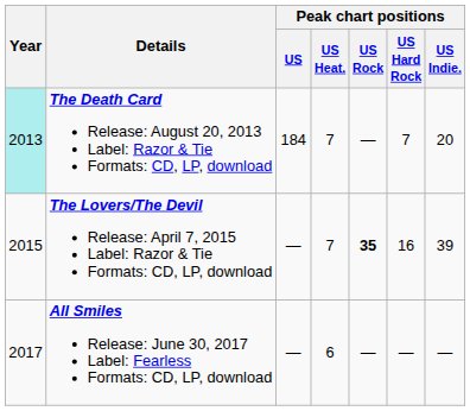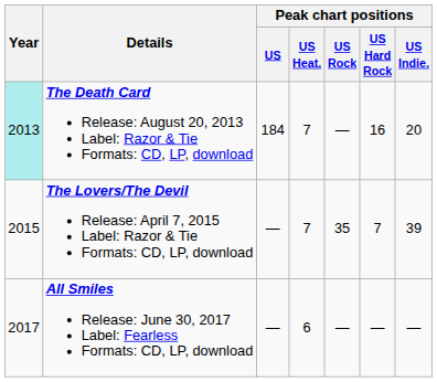 <table class="wikitable">
 <tr>
 <th rowspan=2>Year</th>
 <th rowspan=2>Details</th>
 <th colspan=5>Peak chart positions</th>
 </tr>
 <tr>
 <th style="width:30px;"><small><a href='#'>US</a></small></th>
 <th style="width:30px;"><small><a href='#'>US<br>Heat.</a></small></th>
 <th style="width:30px;"><small><a href='#'>US<br>Rock</a></small></th>
 <th style="width:30px;"><small><a href='#'>US<br>Hard<br>Rock</a></small></th>
 <th style="width:30px;"><small><a href='#'>US<br>Indie.</a></small></th>
 </tr>
 <tr>
 <td style="background: paleturquoise;">2013</td>
 <td><strong><em><a href='#'>The Death Card</a></em></strong><br><ul><li>Release: August 20, 2013</li><li>Label: <a href='#'>Razor & Tie</a></li><li>Formats: <a href='#'>CD</a>, <a href='#'>LP</a>, <a href='#'>download</a></li></ul></td>
 <td style="text-align:center;">184</td>
 <td style="text-align:center;">7</td>
 <td style="text-align:center;">—</td>
-<td style="text-align:center;">7</td>
+<td style="text-align:center;">16</td>
 <td style="text-align:center;">20</td>
 </tr>
 <tr>
 <td>2015</td>
 <td><strong><em><a href='#'>The Lovers/The Devil</a></em></strong><br><ul><li>Release: April 7, 2015</li><li>Label: Razor & Tie</li><li>Formats: CD, LP, download</li></ul></td>
 <td style="text-align:center;">—</td>
 <td style="text-align:center;">7</td>
-<td style="text-align:center;"><strong>35</strong></td>
-<td style="text-align:center;">16</td>
+<td style="text-align:center;">35</td>
+<td style="text-align:center;">7</td>
 <td style="text-align:center;">39</td>
 </tr>
 <tr>
 <td>2017</td>
 <td><strong><em><a href='#'>All Smiles</a></em></strong><br><ul><li>Release: June 30, 2017</li><li>Label: <a href='#'>Fearless</a></li><li>Formats: CD, LP, download</li></ul></td>
 <td style="text-align:center;">—</td>
 <td style="text-align:center;">6</td>
 <td style="text-align:center;">—</td>
 <td style="text-align:center;">—</td>
 <td style="text-align:center;">—</td>
 </tr>
 </table>
